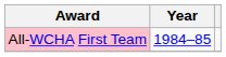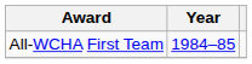 <table class="wikitable">
 <tr>
 <th>Award</th>
 <th>Year</th>
 <th></th>
 </tr>
 <tr>
-<td style="background: pink;">All-<a href='#'>WCHA</a> <a href='#'>First Team</a></td>
+<td>All-<a href='#'>WCHA</a> <a href='#'>First Team</a></td>
 <td><a href='#'>1984–85</a></td>
 <td></td>
 </tr>
 <tr>
 </tr>
 </table>
